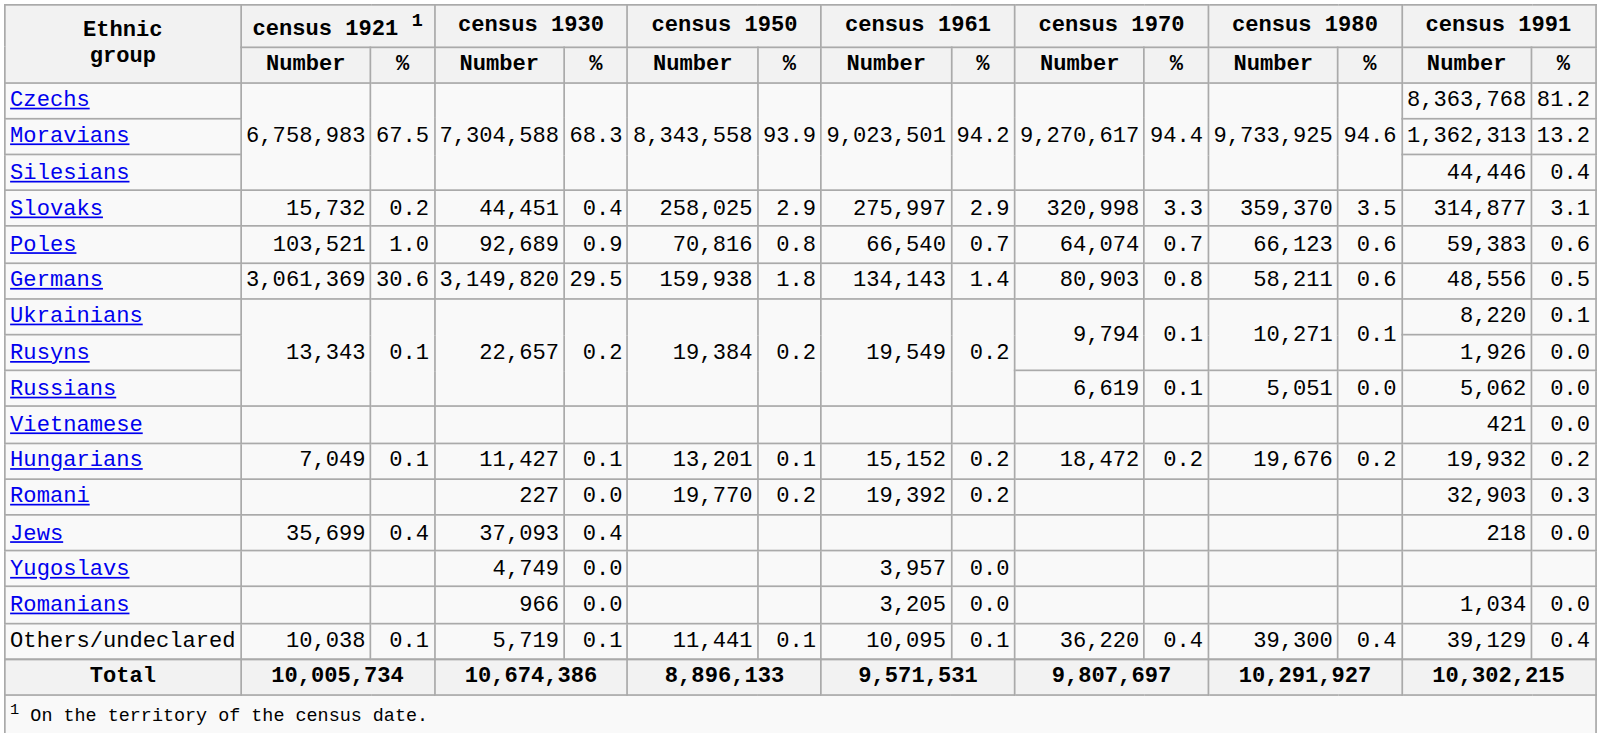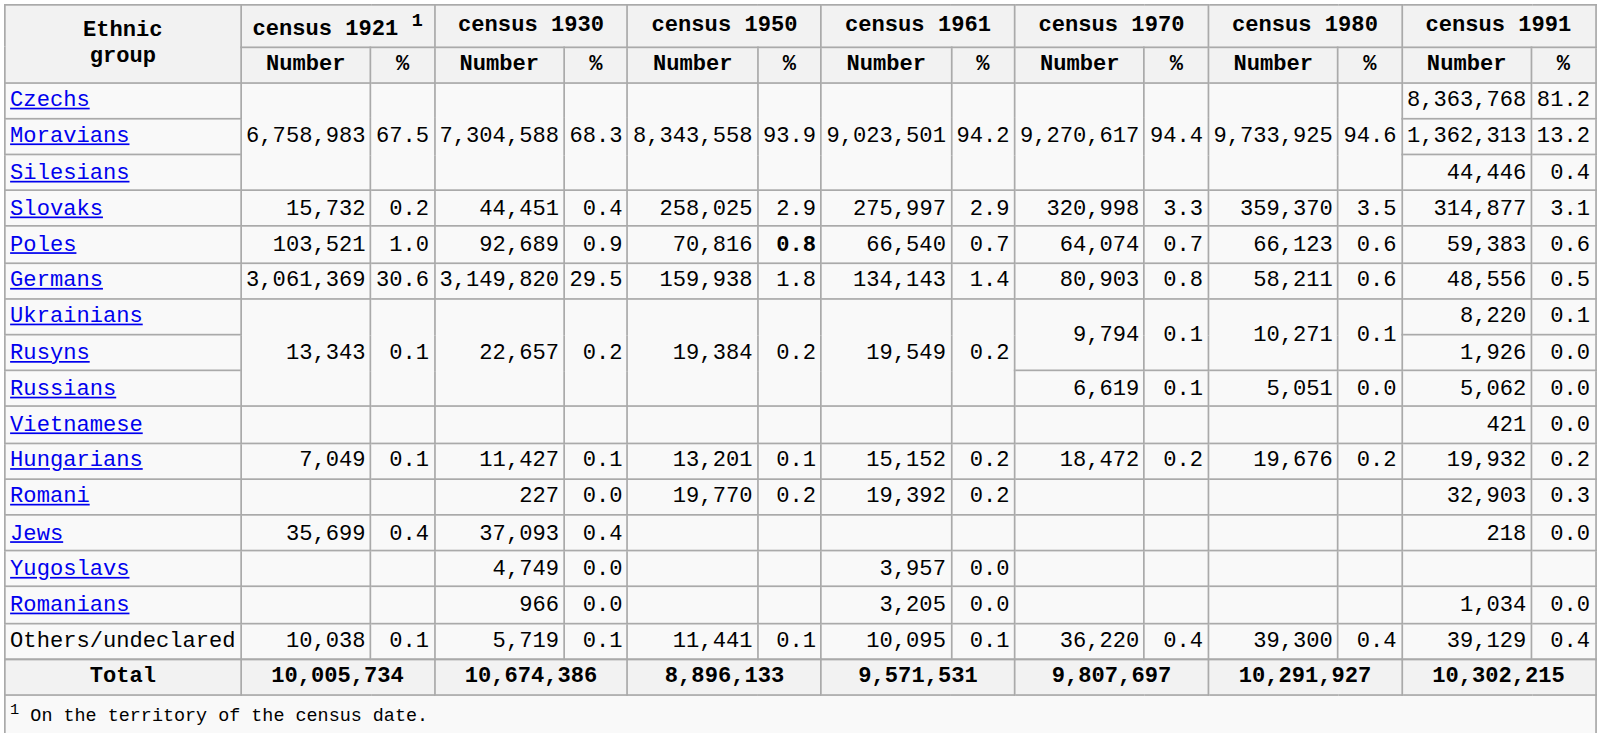 <table class="wikitable">
 <tr bgcolor="#e0e0e0">
 <th rowspan="2">Ethnic<br>group</th>
 <th colspan="2">census 1921 <sup>1</sup></th>
 <th colspan="2">census 1930</th>
 <th colspan="2">census 1950</th>
 <th colspan="2">census 1961</th>
 <th colspan="2">census 1970</th>
 <th colspan="2">census 1980</th>
 <th colspan="2">census 1991</th>
 </tr>
 <tr bgcolor="#e0e0e0">
 <th>Number</th>
 <th>%</th>
 <th>Number</th>
 <th>%</th>
 <th>Number</th>
 <th>%</th>
 <th>Number</th>
 <th>%</th>
 <th>Number</th>
 <th>%</th>
 <th>Number</th>
 <th>%</th>
 <th>Number</th>
 <th>%</th>
 </tr>
 <tr>
 <td><a href='#'>Czechs</a></td>
 <td align="right" rowspan="3">6,758,983</td>
 <td align="right" rowspan="3">67.5</td>
 <td align="right" rowspan="3">7,304,588</td>
 <td align="right" rowspan="3">68.3</td>
 <td align="right" rowspan="3">8,343,558</td>
 <td align="right" rowspan="3">93.9</td>
 <td align="right" rowspan="3">9,023,501</td>
 <td align="right" rowspan="3">94.2</td>
 <td align="right" rowspan="3">9,270,617</td>
 <td align="right" rowspan="3">94.4</td>
 <td align="right" rowspan="3">9,733,925</td>
 <td align="right" rowspan="3">94.6</td>
 <td align="right">8,363,768</td>
 <td align="right">81.2</td>
 </tr>
 <tr>
 <td><a href='#'>Moravians</a></td>
 <td align="right">1,362,313</td>
 <td align="right">13.2</td>
 </tr>
 <tr>
 <td><a href='#'>Silesians</a></td>
 <td align="right">44,446</td>
 <td align="right">0.4</td>
 </tr>
 <tr>
 <td><a href='#'>Slovaks</a></td>
 <td align="right">15,732</td>
 <td align="right">0.2</td>
 <td align="right">44,451</td>
 <td align="right">0.4</td>
 <td align="right">258,025</td>
 <td align="right">2.9</td>
 <td align="right">275,997</td>
 <td align="right">2.9</td>
 <td align="right">320,998</td>
 <td align="right">3.3</td>
 <td align="right">359,370</td>
 <td align="right">3.5</td>
 <td align="right">314,877</td>
 <td align="right">3.1</td>
 </tr>
 <tr>
 <td><a href='#'>Poles</a></td>
 <td align="right">103,521</td>
 <td align="right">1.0</td>
 <td align="right">92,689</td>
 <td align="right">0.9</td>
 <td align="right">70,816</td>
-<td align="right">0.8</td>
+<td align="right"><strong>0.8</strong></td>
 <td align="right">66,540</td>
 <td align="right">0.7</td>
 <td align="right">64,074</td>
 <td align="right">0.7</td>
 <td align="right">66,123</td>
 <td align="right">0.6</td>
 <td align="right">59,383</td>
 <td align="right">0.6</td>
 </tr>
 <tr>
 <td><a href='#'>Germans</a></td>
 <td align="right">3,061,369</td>
 <td align="right">30.6</td>
 <td align="right">3,149,820</td>
 <td align="right">29.5</td>
 <td align="right">159,938</td>
 <td align="right">1.8</td>
 <td align="right">134,143</td>
 <td align="right">1.4</td>
 <td align="right">80,903</td>
 <td align="right">0.8</td>
 <td align="right">58,211</td>
 <td align="right">0.6</td>
 <td align="right">48,556</td>
 <td align="right">0.5</td>
 </tr>
 <tr>
 <td><a href='#'>Ukrainians</a></td>
 <td align="right" rowspan="3">13,343</td>
 <td align="right" rowspan="3">0.1</td>
 <td align="right" rowspan="3">22,657</td>
 <td align="right" rowspan="3">0.2</td>
 <td align="right" rowspan="3">19,384</td>
 <td align="right" rowspan="3">0.2</td>
 <td align="right" rowspan="3">19,549</td>
 <td align="right" rowspan="3">0.2</td>
 <td align="right" rowspan="2">9,794</td>
 <td align="right" rowspan="2">0.1</td>
 <td align="right" rowspan="2">10,271</td>
 <td align="right" rowspan="2">0.1</td>
 <td align="right">8,220</td>
 <td align="right">0.1</td>
 </tr>
 <tr>
 <td><a href='#'>Rusyns</a></td>
 <td align="right">1,926</td>
 <td align="right">0.0</td>
 </tr>
 <tr>
 <td><a href='#'>Russians</a></td>
 <td align="right">6,619</td>
 <td align="right">0.1</td>
 <td align="right">5,051</td>
 <td align="right">0.0</td>
 <td align="right">5,062</td>
 <td align="right">0.0</td>
 </tr>
 <tr>
 <td><a href='#'>Vietnamese</a></td>
 <td align="right"></td>
 <td align="right"></td>
 <td align="right"></td>
 <td align="right"></td>
 <td align="right"></td>
 <td align="right"></td>
 <td align="right"></td>
 <td align="right"></td>
 <td align="right"></td>
 <td align="right"></td>
 <td align="right"></td>
 <td align="right"></td>
 <td align="right">421</td>
 <td align="right">0.0</td>
 </tr>
 <tr>
 <td><a href='#'>Hungarians</a></td>
 <td align="right">7,049</td>
 <td align="right">0.1</td>
 <td align="right">11,427</td>
 <td align="right">0.1</td>
 <td align="right">13,201</td>
 <td align="right">0.1</td>
 <td align="right">15,152</td>
 <td align="right">0.2</td>
 <td align="right">18,472</td>
 <td align="right">0.2</td>
 <td align="right">19,676</td>
 <td align="right">0.2</td>
 <td align="right">19,932</td>
 <td align="right">0.2</td>
 </tr>
 <tr>
 <td><a href='#'>Romani</a></td>
 <td align="right"></td>
 <td align="right"></td>
 <td align="right">227</td>
 <td align="right">0.0</td>
 <td align="right">19,770</td>
 <td align="right">0.2</td>
 <td align="right">19,392</td>
 <td align="right">0.2</td>
 <td align="right"></td>
 <td align="right"></td>
 <td align="right"></td>
 <td align="right"></td>
 <td align="right">32,903</td>
 <td align="right">0.3</td>
 </tr>
 <tr>
 <td><a href='#'>Jews</a></td>
 <td align="right">35,699</td>
 <td align="right">0.4</td>
 <td align="right">37,093</td>
 <td align="right">0.4</td>
 <td align="right"></td>
 <td align="right"></td>
 <td align="right"></td>
 <td align="right"></td>
 <td align="right"></td>
 <td align="right"></td>
 <td align="right"></td>
 <td align="right"></td>
 <td align="right">218</td>
 <td align="right">0.0</td>
 </tr>
 <tr>
 <td><a href='#'>Yugoslavs</a></td>
 <td align="right"></td>
 <td align="right"></td>
 <td align="right">4,749</td>
 <td align="right">0.0</td>
 <td align="right"></td>
 <td align="right"></td>
 <td align="right">3,957</td>
 <td align="right">0.0</td>
 <td align="right"></td>
 <td align="right"></td>
 <td align="right"></td>
 <td align="right"></td>
 <td align="right"></td>
 <td align="right"></td>
 </tr>
 <tr>
 <td><a href='#'>Romanians</a></td>
 <td align="right"></td>
 <td align="right"></td>
 <td align="right">966</td>
 <td align="right">0.0</td>
 <td align="right"></td>
 <td align="right"></td>
 <td align="right">3,205</td>
 <td align="right">0.0</td>
 <td align="right"></td>
 <td align="right"></td>
 <td align="right"></td>
 <td align="right"></td>
 <td align="right">1,034</td>
 <td align="right">0.0</td>
 </tr>
 <tr>
 <td>Others/undeclared</td>
 <td align="right">10,038</td>
 <td align="right">0.1</td>
 <td align="right">5,719</td>
 <td align="right">0.1</td>
 <td align="right">11,441</td>
 <td align="right">0.1</td>
 <td align="right">10,095</td>
 <td align="right">0.1</td>
 <td align="right">36,220</td>
 <td align="right">0.4</td>
 <td align="right">39,300</td>
 <td align="right">0.4</td>
 <td align="right">39,129</td>
 <td align="right">0.4</td>
 </tr>
 <tr>
 </tr>
 <tr bgcolor="#e0e0e0">
 <th align="left">Total</th>
 <th colspan="2">10,005,734</th>
 <th colspan="2">10,674,386</th>
 <th colspan="2">8,896,133</th>
 <th colspan="2">9,571,531</th>
 <th colspan="2">9,807,697</th>
 <th colspan="2">10,291,927</th>
 <th colspan="2">10,302,215</th>
 </tr>
 <tr>
 <td colspan="15"><small><sup>1</sup> On the territory of the census date. </small></td>
 </tr>
 </table>
